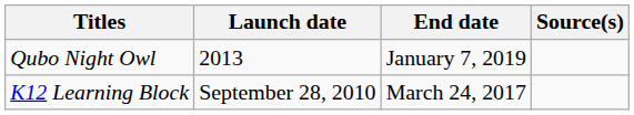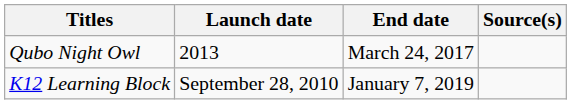 <table class="wikitable sortable">
 <tr>
 <th>Titles</th>
 <th>Launch date</th>
 <th>End date</th>
 <th>Source(s)</th>
 </tr>
 <tr>
 <td><em>Qubo Night Owl</em></td>
 <td>2013</td>
-<td>January 7, 2019</td>
+<td>March 24, 2017</td>
 <td></td>
 </tr>
 <tr>
 <td><em><a href='#'>K12</a> Learning Block</em></td>
 <td>September 28, 2010</td>
-<td>March 24, 2017</td>
+<td>January 7, 2019</td>
 <td></td>
 </tr>
 </table>
